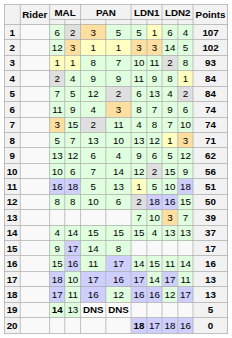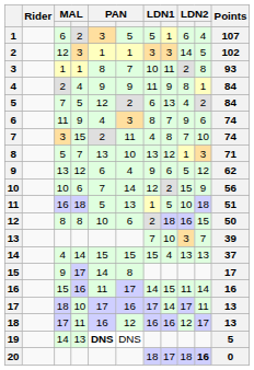 <table class="wikitable plainrowheaders" style="font-size:85%; text-align:center">
 <tr>
 <th rowspan=2 style="vertical-align:middle"></th>
 <th rowspan=2 style="vertical-align:middle">Rider</th>
 <th colspan=2>MAL<br></th>
 <th colspan=2>PAN<br></th>
 <th colspan=2>LDN1<br></th>
 <th colspan=2>LDN2<br></th>
 <th rowspan=2 style="vertical-align:middle">Points</th>
 </tr>
 <tr>
 <th></th>
 <th></th>
 <th></th>
 <th></th>
 <th></th>
 <th></th>
 <th></th>
 <th></th>
 </tr>
 <tr>
 <th>1</th>
 <td style="text-align:left"> </td>
 <td style="background:#dfffdf;">6</td>
 <td style="background:#DFDFDF;">2</td>
 <td style="background:#ffdf9f;">3</td>
 <td style="background:#dfffdf;">5</td>
 <td style="background:#dfffdf;">5</td>
 <td style="background:#FFFFBF;">1</td>
 <td style="background:#dfffdf;">6</td>
 <td style="background:#dfffdf;">4</td>
 <th>107</th>
 </tr>
 <tr>
 <th>2</th>
 <td style="text-align:left"></td>
 <td style="background:#dfffdf;">12</td>
 <td style="background:#ffdf9f;">3</td>
 <td style="background:#FFFFBF;">1</td>
 <td style="background:#FFFFBF;">1</td>
 <td style="background:#ffdf9f;">3</td>
 <td style="background:#ffdf9f;">3</td>
 <td style="background:#dfffdf;">14</td>
 <td style="background:#dfffdf;">5</td>
 <th>102</th>
 </tr>
 <tr>
 <th>3</th>
 <td style="text-align:left"></td>
 <td style="background:#FFFFBF;">1</td>
 <td style="background:#FFFFBF;">1</td>
 <td style="background:#dfffdf;">8</td>
 <td style="background:#dfffdf;">7</td>
 <td style="background:#dfffdf;">10</td>
 <td style="background:#dfffdf;">11</td>
 <td style="background:#DFDFDF;">2</td>
 <td style="background:#dfffdf;">8</td>
 <th>93</th>
 </tr>
 <tr>
 <th>4</th>
 <td style="text-align:left"></td>
 <td style="background:#DFDFDF;">2</td>
 <td style="background:#dfffdf;">4</td>
 <td style="background:#dfffdf;">9</td>
 <td style="background:#dfffdf;">9</td>
 <td style="background:#dfffdf;">11</td>
 <td style="background:#dfffdf;">9</td>
 <td style="background:#dfffdf;">8</td>
 <td style="background:#FFFFBF;">1</td>
 <th>84</th>
 </tr>
 <tr>
 <th>5</th>
 <td style="text-align:left"></td>
 <td style="background:#dfffdf;">7</td>
 <td style="background:#dfffdf;">5</td>
 <td style="background:#dfffdf;">12</td>
 <td style="background:#DFDFDF;">2</td>
 <td style="background:#dfffdf;">6</td>
 <td style="background:#dfffdf;">13</td>
 <td style="background:#dfffdf;">4</td>
 <td style="background:#DFDFDF;">2</td>
 <th>84</th>
 </tr>
 <tr>
 <th>6</th>
 <td style="text-align:left"></td>
 <td style="background:#dfffdf;">11</td>
 <td style="background:#dfffdf;">9</td>
 <td style="background:#dfffdf;">4</td>
 <td style="background:#ffdf9f;">3</td>
 <td style="background:#dfffdf;">8</td>
 <td style="background:#dfffdf;">7</td>
 <td style="background:#dfffdf;">9</td>
 <td style="background:#dfffdf;">6</td>
 <th>74</th>
 </tr>
 <tr>
 <th>7</th>
 <td style="text-align:left"></td>
 <td style="background:#ffdf9f;">3</td>
 <td style="background:#dfffdf;">15</td>
 <td style="background:#DFDFDF;">2</td>
 <td style="background:#dfffdf;">11</td>
 <td style="background:#dfffdf;">4</td>
 <td style="background:#dfffdf;">8</td>
 <td style="background:#dfffdf;">7</td>
 <td style="background:#dfffdf;">10</td>
 <th>74</th>
 </tr>
 <tr>
 <th>8</th>
 <td style="text-align:left"></td>
 <td style="background:#dfffdf;">5</td>
 <td style="background:#dfffdf;">7</td>
 <td style="background:#dfffdf;">13</td>
 <td style="background:#dfffdf;">10</td>
 <td style="background:#dfffdf;">13</td>
 <td style="background:#dfffdf;">12</td>
 <td style="background:#FFFFBF;">1</td>
 <td style="background:#ffdf9f;">3</td>
 <th>71</th>
 </tr>
 <tr>
 <th>9</th>
 <td style="text-align:left"></td>
 <td style="background:#dfffdf;">13</td>
 <td style="background:#dfffdf;">12</td>
 <td style="background:#dfffdf;">6</td>
 <td style="background:#dfffdf;">4</td>
 <td style="background:#dfffdf;">9</td>
 <td style="background:#dfffdf;">6</td>
 <td style="background:#dfffdf;">5</td>
 <td style="background:#dfffdf;">12</td>
 <th>62</th>
 </tr>
 <tr>
 <th>10</th>
 <td style="text-align:left"></td>
 <td style="background:#dfffdf;">10</td>
 <td style="background:#dfffdf;">6</td>
 <td style="background:#dfffdf;">7</td>
 <td style="background:#dfffdf;">14</td>
 <td style="background:#dfffdf;">12</td>
 <td style="background:#DFDFDF;">2</td>
 <td style="background:#dfffdf;">15</td>
 <td style="background:#dfffdf;">9</td>
 <th>56</th>
 </tr>
 <tr>
 <th>11</th>
 <td style="text-align:left"></td>
 <td style="background:#cfcfff;">16</td>
 <td style="background:#cfcfff;">18</td>
 <td style="background:#dfffdf;">5</td>
 <td style="background:#dfffdf;">13</td>
 <td style="background:#FFFFBF;">1</td>
 <td style="background:#dfffdf;">5</td>
 <td style="background:#dfffdf;">10</td>
 <td style="background:#cfcfff;">18</td>
 <th>51</th>
 </tr>
 <tr>
 <th>12</th>
 <td style="text-align:left"></td>
 <td style="background:#dfffdf;">8</td>
 <td style="background:#dfffdf;">8</td>
 <td style="background:#dfffdf;">10</td>
 <td style="background:#dfffdf;">6</td>
 <td style="background:#DFDFDF;">2</td>
 <td style="background:#cfcfff;">18</td>
 <td style="background:#cfcfff;">16</td>
 <td style="background:#dfffdf;">15</td>
 <th>50</th>
 </tr>
 <tr>
 <th>13</th>
 <td style="text-align:left"></td>
 <td></td>
 <td></td>
 <td></td>
 <td></td>
 <td style="background:#dfffdf;">7</td>
 <td style="background:#dfffdf;">10</td>
 <td style="background:#ffdf9f;">3</td>
 <td style="background:#dfffdf;">7</td>
 <th>39</th>
 </tr>
 <tr>
 <th>14</th>
 <td style="text-align:left"></td>
 <td style="background:#dfffdf;">4</td>
 <td style="background:#dfffdf;">14</td>
 <td style="background:#dfffdf;">15</td>
 <td style="background:#dfffdf;">15</td>
 <td style="background:#dfffdf;">15</td>
 <td style="background:#dfffdf;">4</td>
 <td style="background:#dfffdf;">13</td>
 <td style="background:#dfffdf;">13</td>
 <th>37</th>
 </tr>
 <tr>
 <th>15</th>
 <td style="text-align:left"></td>
 <td style="background:#dfffdf;">9</td>
 <td style="background:#cfcfff;">17</td>
 <td style="background:#dfffdf;">14</td>
 <td style="background:#dfffdf;">8</td>
 <td></td>
 <td></td>
 <td></td>
 <td></td>
 <th>17</th>
 </tr>
 <tr>
 <th>16</th>
 <td style="text-align:left"></td>
 <td style="background:#dfffdf;">15</td>
 <td style="background:#cfcfff;">16</td>
 <td style="background:#dfffdf;">11</td>
 <td style="background:#cfcfff;">17</td>
 <td style="background:#dfffdf;">14</td>
 <td style="background:#dfffdf;">15</td>
 <td style="background:#dfffdf;">11</td>
 <td style="background:#dfffdf;">14</td>
 <th>16</th>
 </tr>
 <tr>
 <th>17</th>
 <td style="text-align:left"></td>
 <td style="background:#cfcfff;">18</td>
 <td style="background:#dfffdf;">10</td>
 <td style="background:#cfcfff;">17</td>
 <td style="background:#cfcfff;">16</td>
 <td style="background:#cfcfff;">17</td>
 <td style="background:#dfffdf;">14</td>
 <td style="background:#cfcfff;">17</td>
 <td style="background:#dfffdf;">11</td>
 <th>13</th>
 </tr>
 <tr>
 <th>18</th>
 <td style="text-align:left"></td>
 <td style="background:#cfcfff;">17</td>
 <td style="background:#dfffdf;">11</td>
 <td style="background:#cfcfff;">16</td>
 <td style="background:#dfffdf;">12</td>
 <td style="background:#cfcfff;">16</td>
 <td style="background:#cfcfff;">16</td>
 <td style="background:#dfffdf;">12</td>
 <td style="background:#cfcfff;">17</td>
 <th>13</th>
 </tr>
 <tr>
 <th>19</th>
 <td style="text-align:left"></td>
-<td style="background:#dfffdf;"><strong>14</strong></td>
+<td style="background:#dfffdf;">14</td>
 <td style="background:#dfffdf;">13</td>
 <td style="background:#ffffff;"><strong>DNS</strong></td>
-<td style="background:#ffffff;"><strong>DNS</strong></td>
+<td style="background:#ffffff;">DNS</td>
 <td></td>
 <td></td>
 <td></td>
 <td></td>
 <th>5</th>
 </tr>
 <tr>
 <th>20</th>
 <td style="text-align:left"></td>
 <td></td>
 <td></td>
 <td></td>
 <td></td>
-<td style="background:#cfcfff;"><strong>18</strong></td>
+<td style="background:#cfcfff;">18</td>
 <td style="background:#cfcfff;">17</td>
 <td style="background:#cfcfff;">18</td>
-<td style="background:#cfcfff;">16</td>
+<td style="background:#cfcfff;"><strong>16</strong></td>
 <th>0</th>
 </tr>
 </table>
